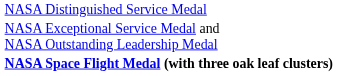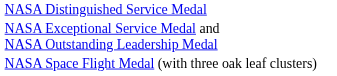 <table>
 <tr>
 <td> <a href='#'>NASA Distinguished Service Medal</a></td>
 </tr>
 <tr>
 <td> <a href='#'>NASA Exceptional Service Medal</a> and<br> <a href='#'>NASA Outstanding Leadership Medal</a></td>
 </tr>
 <tr>
-<td><strong> <a href='#'>NASA Space Flight Medal</a> (with three oak leaf clusters)</strong></td>
+<td> <a href='#'>NASA Space Flight Medal</a> (with three oak leaf clusters)</td>
 </tr>
 </table>
